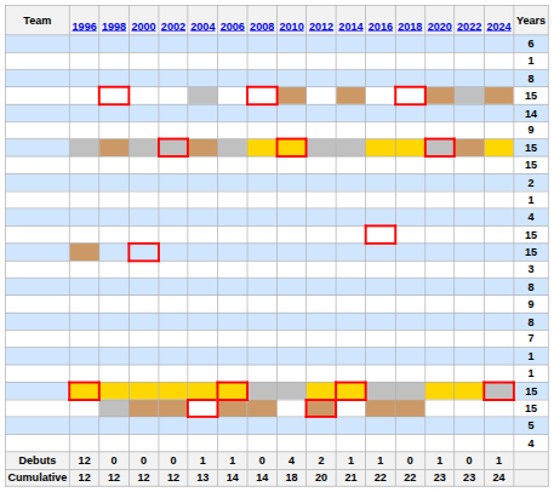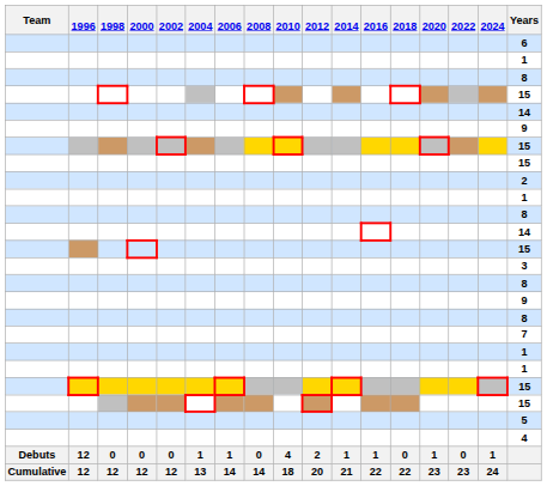 <table class="wikitable sortable" style="text-align:center; font-size:90%">
 <tr bgcolor=>
 <th><strong>Team</strong></th>
 <th><br><a href='#'>1996</a></th>
 <th><br><a href='#'>1998</a></th>
 <th><br><a href='#'>2000</a></th>
 <th><br><a href='#'>2002</a></th>
 <th><br><a href='#'>2004</a></th>
 <th><br><a href='#'>2006</a></th>
 <th><br><a href='#'>2008</a></th>
 <th><br><a href='#'>2010</a></th>
 <th><br><a href='#'>2012</a></th>
 <th><br><a href='#'>2014</a></th>
 <th><br><a href='#'>2016</a></th>
 <th><br><a href='#'>2018</a></th>
 <th><br><a href='#'>2020</a></th>
 <th><br><a href='#'>2022</a></th>
 <th><br><a href='#'>2024</a></th>
 <th>Years</th>
 </tr>
 <tr style="background:#d0e6ff;">
 <td align=left></td>
 <td></td>
 <td></td>
 <td></td>
 <td></td>
 <td></td>
 <td></td>
 <td></td>
 <td></td>
 <td></td>
 <td></td>
 <td></td>
 <td></td>
 <td></td>
 <td></td>
 <td></td>
 <td><strong>6</strong></td>
 </tr>
 <tr style="background:#fff;">
 <td align=left></td>
 <td></td>
 <td></td>
 <td></td>
 <td></td>
 <td></td>
 <td></td>
 <td></td>
 <td></td>
 <td></td>
 <td></td>
 <td></td>
 <td></td>
 <td></td>
 <td></td>
 <td></td>
 <td><strong>1</strong></td>
 </tr>
 <tr style="background:#d0e6ff;">
 <td align=left></td>
 <td></td>
 <td></td>
 <td></td>
 <td></td>
 <td></td>
 <td></td>
 <td></td>
 <td></td>
 <td></td>
 <td></td>
 <td></td>
 <td></td>
 <td></td>
 <td></td>
 <td></td>
 <td><strong>8</strong></td>
 </tr>
 <tr style="background:#fff;">
 <td align=left></td>
 <td></td>
 <td style="border:3px solid red"></td>
 <td></td>
 <td></td>
 <td style="background:silver;"></td>
 <td></td>
 <td style="border:3px solid red"></td>
 <td style="background:#c96;"></td>
 <td></td>
 <td style="background:#c96;"></td>
 <td></td>
 <td style="border:3px solid red"></td>
 <td style="background:#c96;"></td>
 <td style="background:silver;"></td>
 <td style="background:#c96;"></td>
 <td><strong>15</strong></td>
 </tr>
 <tr style="background:#d0e6ff;">
 <td align=left></td>
 <td></td>
 <td></td>
 <td></td>
 <td></td>
 <td></td>
 <td></td>
 <td></td>
 <td></td>
 <td></td>
 <td></td>
 <td></td>
 <td></td>
 <td></td>
 <td></td>
 <td></td>
 <td><strong>14</strong></td>
 </tr>
 <tr style="background:#fff;">
 <td align=left></td>
 <td></td>
 <td></td>
 <td></td>
 <td></td>
 <td></td>
 <td></td>
 <td></td>
 <td></td>
 <td></td>
 <td></td>
 <td></td>
 <td></td>
 <td></td>
 <td></td>
 <td></td>
 <td><strong>9</strong></td>
 </tr>
 <tr style="background:#d0e6ff;">
 <td align=left></td>
 <td style="background:silver;"></td>
 <td style="background:#c96;"></td>
 <td style="background:silver;"></td>
 <td style="border:3px solid red; background:silver;"></td>
 <td style="background:#c96;"></td>
 <td style="background:silver;"></td>
 <td bgcolor=gold></td>
 <td style="border:3px solid red; background:gold;"></td>
 <td style="background:silver;"></td>
 <td style="background:silver;"></td>
 <td bgcolor=gold></td>
 <td bgcolor=gold></td>
 <td style="border:3px solid red; background:silver;"></td>
 <td style="background:#c96;"></td>
 <td bgcolor=gold></td>
 <td><strong>15</strong></td>
 </tr>
 <tr style="background:#fff;">
 <td align=left></td>
 <td></td>
 <td></td>
 <td></td>
 <td></td>
 <td></td>
 <td></td>
 <td></td>
 <td></td>
 <td></td>
 <td></td>
 <td></td>
 <td></td>
 <td></td>
 <td></td>
 <td></td>
 <td><strong>15</strong></td>
 </tr>
 <tr style="background:#d0e6ff;">
 <td align=left></td>
 <td></td>
 <td></td>
 <td></td>
 <td></td>
 <td></td>
 <td></td>
 <td></td>
 <td></td>
 <td></td>
 <td></td>
 <td></td>
 <td></td>
 <td></td>
 <td></td>
 <td></td>
 <td><strong>2</strong></td>
 </tr>
 <tr style="background:#fff;">
 <td align=left></td>
 <td></td>
 <td></td>
 <td></td>
 <td></td>
 <td></td>
 <td></td>
 <td></td>
 <td></td>
 <td></td>
 <td></td>
 <td></td>
 <td></td>
 <td></td>
 <td></td>
 <td></td>
 <td><strong>1</strong></td>
 </tr>
 <tr style="background:#d0e6ff;">
 <td align=left></td>
 <td></td>
 <td></td>
 <td></td>
 <td></td>
 <td></td>
 <td></td>
 <td></td>
 <td></td>
 <td></td>
 <td></td>
 <td></td>
 <td></td>
 <td></td>
 <td></td>
 <td></td>
-<td><strong>4</strong></td>
+<td><strong>8</strong></td>
 </tr>
 <tr style="background:#fff;">
 <td align=left></td>
 <td></td>
 <td></td>
 <td></td>
 <td></td>
 <td></td>
 <td></td>
 <td></td>
 <td></td>
 <td></td>
 <td></td>
 <td style="border:3px solid red"></td>
 <td></td>
 <td></td>
 <td></td>
 <td></td>
-<td><strong>15</strong></td>
+<td><strong>14</strong></td>
 </tr>
 <tr style="background:#d0e6ff;">
 <td align=left></td>
 <td style="background:#c96;"></td>
 <td></td>
 <td style="border:3px solid red"></td>
 <td></td>
 <td></td>
 <td></td>
 <td></td>
 <td></td>
 <td></td>
 <td></td>
 <td></td>
 <td></td>
 <td></td>
 <td></td>
 <td></td>
 <td><strong>15</strong></td>
 </tr>
 <tr style="background:#fff;">
 <td align=left></td>
 <td></td>
 <td></td>
 <td></td>
 <td></td>
 <td></td>
 <td></td>
 <td></td>
 <td></td>
 <td></td>
 <td></td>
 <td></td>
 <td></td>
 <td></td>
 <td></td>
 <td></td>
 <td><strong>3</strong></td>
 </tr>
 <tr style="background:#d0e6ff;">
 <td align=left></td>
 <td></td>
 <td></td>
 <td></td>
 <td></td>
 <td></td>
 <td></td>
 <td></td>
 <td></td>
 <td></td>
 <td></td>
 <td></td>
 <td></td>
 <td></td>
 <td></td>
 <td></td>
 <td><strong>8</strong></td>
 </tr>
 <tr style="background:#fff;">
 <td align=left></td>
 <td></td>
 <td></td>
 <td></td>
 <td></td>
 <td></td>
 <td></td>
 <td></td>
 <td></td>
 <td></td>
 <td></td>
 <td></td>
 <td></td>
 <td></td>
 <td></td>
 <td></td>
 <td><strong>9</strong></td>
 </tr>
 <tr style="background:#d0e6ff;">
 <td align=left></td>
 <td></td>
 <td></td>
 <td></td>
 <td></td>
 <td></td>
 <td></td>
 <td></td>
 <td></td>
 <td></td>
 <td></td>
 <td></td>
 <td></td>
 <td></td>
 <td></td>
 <td></td>
 <td><strong>8</strong></td>
 </tr>
 <tr style="background:#fff;">
 <td align=left></td>
 <td></td>
 <td></td>
 <td></td>
 <td></td>
 <td></td>
 <td></td>
 <td></td>
 <td></td>
 <td></td>
 <td></td>
 <td></td>
 <td></td>
 <td></td>
 <td></td>
 <td></td>
 <td><strong>7</strong></td>
 </tr>
 <tr style="background:#d0e6ff;">
 <td align=left></td>
 <td></td>
 <td></td>
 <td></td>
 <td></td>
 <td></td>
 <td></td>
 <td></td>
 <td></td>
 <td></td>
 <td></td>
 <td></td>
 <td></td>
 <td></td>
 <td></td>
 <td></td>
 <td><strong>1</strong></td>
 </tr>
 <tr style="background:#fff;">
 <td align=left></td>
 <td></td>
 <td></td>
 <td></td>
 <td></td>
 <td></td>
 <td></td>
 <td></td>
 <td></td>
 <td></td>
 <td></td>
 <td></td>
 <td></td>
 <td></td>
 <td></td>
 <td></td>
 <td><strong>1</strong></td>
 </tr>
 <tr style="background:#d0e6ff;">
 <td align=left></td>
 <td style="border:3px solid red; background:gold;"></td>
 <td bgcolor=gold></td>
 <td bgcolor=gold></td>
 <td bgcolor=gold></td>
 <td bgcolor=gold></td>
 <td style="border:3px solid red; background:gold;"></td>
 <td style="background:silver;"></td>
 <td style="background:silver;"></td>
 <td bgcolor=gold></td>
 <td style="border:3px solid red; background:gold;"></td>
 <td style="background:silver;"></td>
 <td style="background:silver;"></td>
 <td bgcolor=gold></td>
 <td bgcolor=gold></td>
 <td style="border:3px solid red; background:silver;"></td>
 <td><strong>15</strong></td>
 </tr>
 <tr style="background:#fff;">
 <td align=left></td>
 <td></td>
 <td style="background:silver;"></td>
 <td style="background:#c96;"></td>
 <td style="background:#c96;"></td>
 <td style="border:3px solid red"></td>
 <td style="background:#c96;"></td>
 <td style="background:#c96;"></td>
 <td></td>
 <td style="border:3px solid red; background:#c96;"></td>
 <td></td>
 <td style="background:#c96;"></td>
 <td style="background:#c96;"></td>
 <td></td>
 <td></td>
 <td></td>
 <td><strong>15</strong></td>
 </tr>
 <tr style="background:#d0e6ff;">
 <td align=left></td>
 <td></td>
 <td></td>
 <td></td>
 <td></td>
 <td></td>
 <td></td>
 <td></td>
 <td></td>
 <td></td>
 <td></td>
 <td></td>
 <td></td>
 <td></td>
 <td></td>
 <td></td>
 <td><strong>5</strong></td>
 </tr>
 <tr style="background:#fff;">
 <td align=left></td>
 <td></td>
 <td></td>
 <td></td>
 <td></td>
 <td></td>
 <td></td>
 <td></td>
 <td></td>
 <td></td>
 <td></td>
 <td></td>
 <td></td>
 <td></td>
 <td></td>
 <td></td>
 <td><strong>4</strong></td>
 </tr>
 <tr>
 <th>Debuts</th>
 <th>12</th>
 <th>0</th>
 <th>0</th>
 <th>0</th>
 <th>1</th>
 <th>1</th>
 <th>0</th>
 <th>4</th>
 <th>2</th>
 <th>1</th>
 <th>1</th>
 <th>0</th>
 <th>1</th>
 <th>0</th>
 <th>1</th>
 <th></th>
 </tr>
 <tr>
 <th>Cumulative</th>
 <th>12</th>
 <th>12</th>
 <th>12</th>
 <th>12</th>
 <th>13</th>
 <th>14</th>
 <th>14</th>
 <th>18</th>
 <th>20</th>
 <th>21</th>
 <th>22</th>
 <th>22</th>
 <th>23</th>
 <th>23</th>
 <th>24</th>
 <th></th>
 </tr>
 </table>
